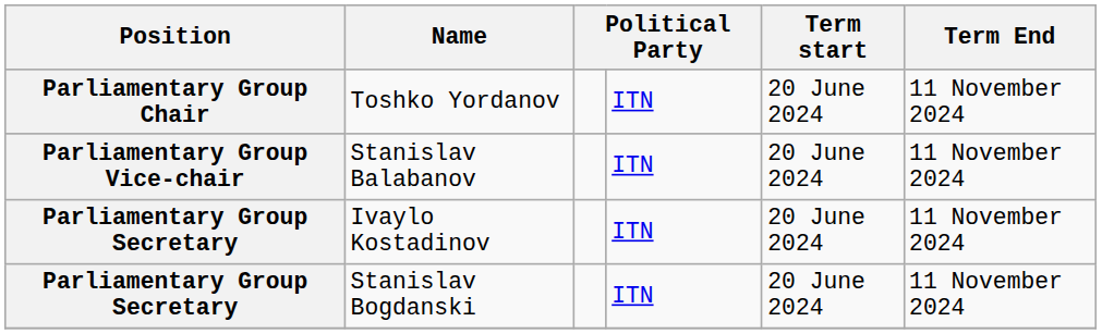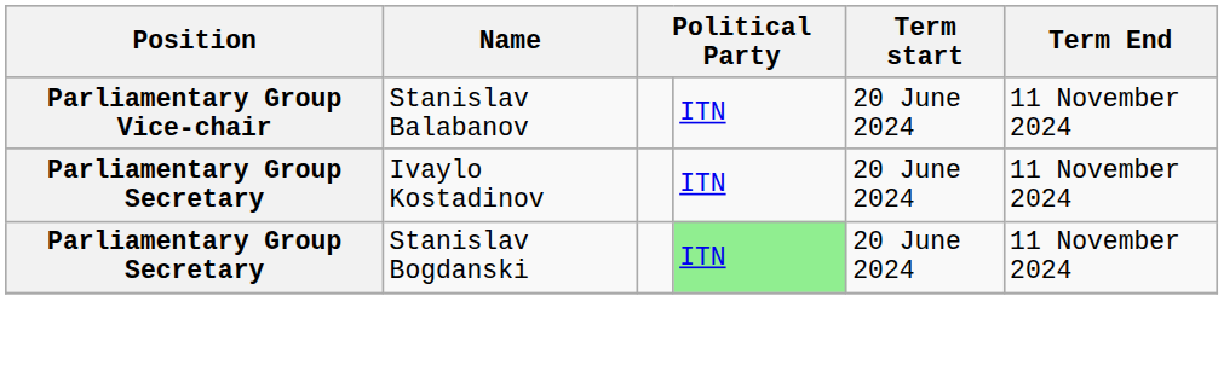 <table class="wikitable plainrowheaders">
 <tr>
 <th>Position</th>
 <th>Name</th>
 <th colspan="2">Political Party</th>
 <th>Term start</th>
 <th>Term End</th>
-</tr>
-<tr>
-<th>Parliamentary Group Chair</th>
-<td>Toshko Yordanov</td>
-<td style="background:"></td>
-<td><a href='#'>ITN</a></td>
-<td>20 June 2024</td>
-<td>11 November 2024</td>
 </tr>
 <tr>
 <th>Parliamentary Group Vice-chair</th>
 <td>Stanislav Balabanov</td>
 <td style="background:"></td>
 <td><a href='#'>ITN</a></td>
 <td>20 June 2024</td>
 <td>11 November 2024</td>
 </tr>
 <tr>
 <th>Parliamentary Group Secretary</th>
 <td>Ivaylo Kostadinov</td>
 <td style="background:"></td>
 <td><a href='#'>ITN</a></td>
 <td>20 June 2024</td>
 <td>11 November 2024</td>
 </tr>
 <tr>
 <th>Parliamentary Group Secretary</th>
 <td>Stanislav Bogdanski</td>
 <td style="background:"></td>
-<td><a href='#'>ITN</a></td>
+<td style="background: lightgreen;"><a href='#'>ITN</a></td>
 <td>20 June 2024</td>
 <td>11 November 2024</td>
 </tr>
 <tr>
 </tr>
 </table>
